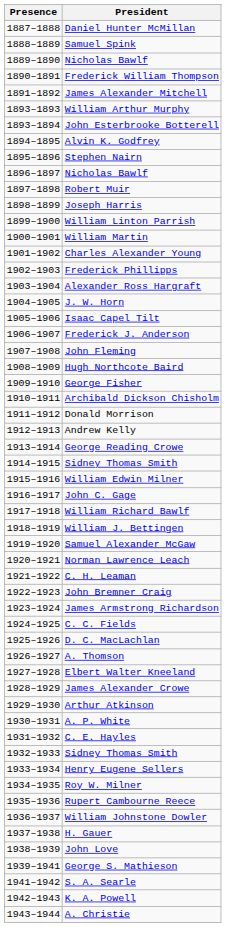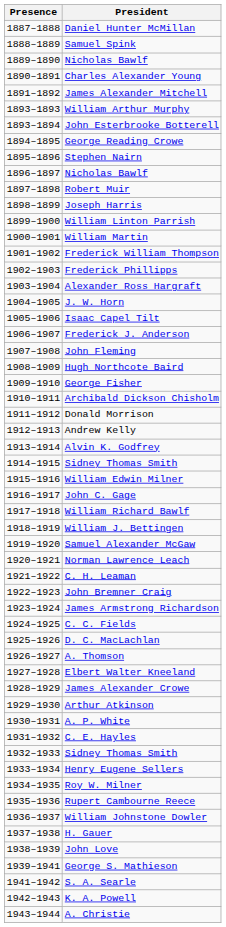 <table class="wikitable">
 <tr>
 <th>Presence</th>
 <th>President</th>
 </tr>
 <tr>
 <td>1887–1888</td>
 <td><a href='#'>Daniel Hunter McMillan</a></td>
 </tr>
 <tr>
 <td>1888–1889</td>
 <td><a href='#'>Samuel Spink</a></td>
 </tr>
 <tr>
 <td>1889–1890</td>
 <td><a href='#'>Nicholas Bawlf</a></td>
 </tr>
 <tr>
 <td>1890–1891</td>
-<td><a href='#'>Frederick William Thompson</a></td>
+<td><a href='#'>Charles Alexander Young</a></td>
 </tr>
 <tr>
 <td>1891–1892</td>
 <td><a href='#'>James Alexander Mitchell</a></td>
 </tr>
 <tr>
 <td>1893–1893</td>
 <td><a href='#'>William Arthur Murphy</a></td>
 </tr>
 <tr>
 <td>1893–1894</td>
 <td><a href='#'>John Esterbrooke Botterell</a></td>
 </tr>
 <tr>
 <td>1894–1895</td>
-<td><a href='#'>Alvin K. Godfrey</a></td>
+<td><a href='#'>George Reading Crowe</a></td>
 </tr>
 <tr>
 <td>1895–1896</td>
 <td><a href='#'>Stephen Nairn</a></td>
 </tr>
 <tr>
 <td>1896–1897</td>
 <td><a href='#'>Nicholas Bawlf</a></td>
 </tr>
 <tr>
 <td>1897–1898</td>
 <td><a href='#'>Robert Muir</a></td>
 </tr>
 <tr>
 <td>1898–1899</td>
 <td><a href='#'>Joseph Harris</a></td>
 </tr>
 <tr>
 <td>1899–1900</td>
 <td><a href='#'>William Linton Parrish</a></td>
 </tr>
 <tr>
 <td>1900–1901</td>
 <td><a href='#'>William Martin</a></td>
 </tr>
 <tr>
 <td>1901–1902</td>
-<td><a href='#'>Charles Alexander Young</a></td>
+<td><a href='#'>Frederick William Thompson</a></td>
 </tr>
 <tr>
 <td>1902–1903</td>
 <td><a href='#'>Frederick Phillipps</a></td>
 </tr>
 <tr>
 <td>1903–1904</td>
 <td><a href='#'>Alexander Ross Hargraft</a></td>
 </tr>
 <tr>
 <td>1904–1905</td>
 <td><a href='#'>J. W. Horn</a></td>
 </tr>
 <tr>
 <td>1905–1906</td>
 <td><a href='#'>Isaac Capel Tilt</a></td>
 </tr>
 <tr>
 <td>1906–1907</td>
 <td><a href='#'>Frederick J. Anderson</a></td>
 </tr>
 <tr>
 <td>1907–1908</td>
 <td><a href='#'>John Fleming</a></td>
 </tr>
 <tr>
 <td>1908–1909</td>
 <td><a href='#'>Hugh Northcote Baird</a></td>
 </tr>
 <tr>
 <td>1909–1910</td>
 <td><a href='#'>George Fisher</a></td>
 </tr>
 <tr>
 <td>1910–1911</td>
 <td><a href='#'>Archibald Dickson Chisholm</a></td>
 </tr>
 <tr>
 <td>1911–1912</td>
 <td>Donald Morrison</td>
 </tr>
 <tr>
 <td>1912–1913</td>
 <td>Andrew Kelly</td>
 </tr>
 <tr>
 <td>1913–1914</td>
-<td><a href='#'>George Reading Crowe</a></td>
+<td><a href='#'>Alvin K. Godfrey</a></td>
 </tr>
 <tr>
 <td>1914–1915</td>
 <td><a href='#'>Sidney Thomas Smith</a></td>
 </tr>
 <tr>
 <td>1915–1916</td>
 <td><a href='#'>William Edwin Milner</a></td>
 </tr>
 <tr>
 <td>1916–1917</td>
 <td><a href='#'>John C. Gage</a></td>
 </tr>
 <tr>
 <td>1917–1918</td>
 <td><a href='#'>William Richard Bawlf</a></td>
 </tr>
 <tr>
 <td>1918–1919</td>
 <td><a href='#'>William J. Bettingen</a></td>
 </tr>
 <tr>
 <td>1919–1920</td>
 <td><a href='#'>Samuel Alexander McGaw</a></td>
 </tr>
 <tr>
 <td>1920–1921</td>
 <td><a href='#'>Norman Lawrence Leach</a></td>
 </tr>
 <tr>
 <td>1921–1922</td>
 <td><a href='#'>C. H. Leaman</a></td>
 </tr>
 <tr>
 <td>1922–1923</td>
 <td><a href='#'>John Bremner Craig</a></td>
 </tr>
 <tr>
 <td>1923–1924</td>
 <td><a href='#'>James Armstrong Richardson</a></td>
 </tr>
 <tr>
 <td>1924–1925</td>
 <td><a href='#'>C. C. Fields</a></td>
 </tr>
 <tr>
 <td>1925–1926</td>
 <td><a href='#'>D. C. MacLachlan</a></td>
 </tr>
 <tr>
 <td>1926–1927</td>
 <td><a href='#'>A. Thomson</a></td>
 </tr>
 <tr>
 <td>1927–1928</td>
 <td><a href='#'>Elbert Walter Kneeland</a></td>
 </tr>
 <tr>
 <td>1928–1929</td>
 <td><a href='#'>James Alexander Crowe</a></td>
 </tr>
 <tr>
 <td>1929–1930</td>
 <td><a href='#'>Arthur Atkinson</a></td>
 </tr>
 <tr>
 <td>1930–1931</td>
 <td><a href='#'>A. P. White</a></td>
 </tr>
 <tr>
 <td>1931–1932</td>
 <td><a href='#'>C. E. Hayles</a></td>
 </tr>
 <tr>
 <td>1932–1933</td>
 <td><a href='#'>Sidney Thomas Smith</a></td>
 </tr>
 <tr>
 <td>1933–1934</td>
 <td><a href='#'>Henry Eugene Sellers</a></td>
 </tr>
 <tr>
 <td>1934–1935</td>
 <td><a href='#'>Roy W. Milner</a></td>
 </tr>
 <tr>
 <td>1935–1936</td>
 <td><a href='#'>Rupert Cambourne Reece</a></td>
 </tr>
 <tr>
 <td>1936–1937</td>
 <td><a href='#'>William Johnstone Dowler</a></td>
 </tr>
 <tr>
 <td>1937–1938</td>
 <td><a href='#'>H. Gauer</a></td>
 </tr>
 <tr>
 <td>1938–1939</td>
 <td><a href='#'>John Love</a></td>
 </tr>
 <tr>
 <td>1939–1941</td>
 <td><a href='#'>George S. Mathieson</a></td>
 </tr>
 <tr>
 <td>1941–1942</td>
 <td><a href='#'>S. A. Searle</a></td>
 </tr>
 <tr>
 <td>1942–1943</td>
 <td><a href='#'>K. A. Powell</a></td>
 </tr>
 <tr>
 <td>1943–1944</td>
 <td><a href='#'>A. Christie</a></td>
 </tr>
 </table>
